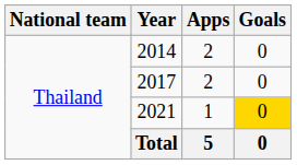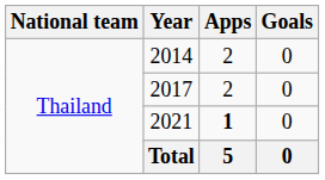 <table class="wikitable" style="text-align:center">
 <tr>
 <th>National team</th>
 <th>Year</th>
 <th>Apps</th>
 <th>Goals</th>
 </tr>
 <tr>
 <td rowspan="5" valign="center"><a href='#'>Thailand</a></td>
 <td>2014</td>
 <td>2</td>
 <td>0</td>
 </tr>
 <tr>
 <td>2017</td>
 <td>2</td>
 <td>0</td>
 </tr>
 <tr>
 <td>2021</td>
-<td>1</td>
-<td style="background: gold;">0</td>
+<td><strong>1</strong></td>
+<td>0</td>
 </tr>
 <tr>
 <th>Total</th>
 <th>5</th>
 <th>0</th>
 </tr>
 </table>
